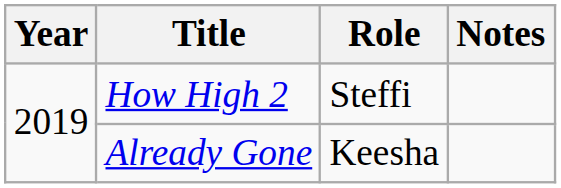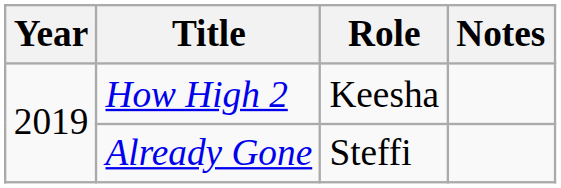 <table class="wikitable">
 <tr>
 <th>Year</th>
 <th>Title</th>
 <th>Role</th>
 <th>Notes</th>
 </tr>
 <tr>
 <td rowspan="2">2019</td>
 <td><em><a href='#'>How High 2</a></em></td>
-<td>Steffi</td>
+<td>Keesha</td>
 <td></td>
 </tr>
 <tr>
 <td><a href='#'><em>Already Gone</em></a></td>
-<td>Keesha</td>
+<td>Steffi</td>
 <td></td>
 </tr>
 </table>
